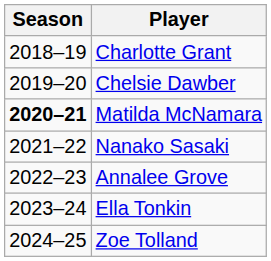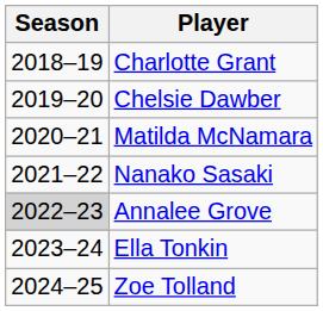 <table class="wikitable">
 <tr>
 <th>Season</th>
 <th>Player</th>
 </tr>
 <tr>
 <td>2018–19</td>
 <td> <a href='#'>Charlotte Grant</a></td>
 </tr>
 <tr>
 <td>2019–20</td>
 <td> <a href='#'>Chelsie Dawber</a></td>
 </tr>
 <tr>
-<td><strong>2020–21</strong></td>
+<td>2020–21</td>
 <td> <a href='#'>Matilda McNamara</a></td>
 </tr>
 <tr>
 <td>2021–22</td>
 <td> <a href='#'>Nanako Sasaki</a></td>
 </tr>
 <tr>
-<td>2022–23</td>
+<td style="background: lightgrey;">2022–23</td>
 <td> <a href='#'>Annalee Grove</a></td>
 </tr>
 <tr>
 <td>2023–24</td>
 <td> <a href='#'>Ella Tonkin</a></td>
 </tr>
 <tr>
 <td>2024–25</td>
 <td> <a href='#'>Zoe Tolland</a></td>
 </tr>
 </table>
